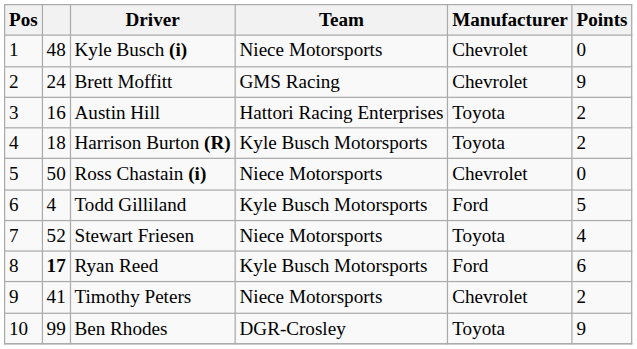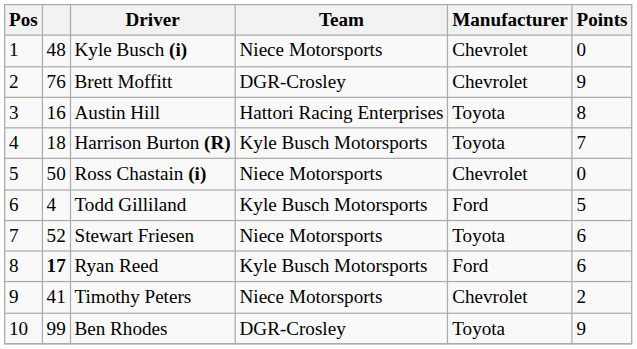 <table class="wikitable" style="font-size:98%">
 <tr>
 <th>Pos</th>
 <th></th>
 <th>Driver</th>
 <th>Team</th>
 <th>Manufacturer</th>
 <th>Points</th>
 </tr>
 <tr>
 <td>1</td>
 <td>48</td>
 <td>Kyle Busch <strong>(i)</strong></td>
 <td>Niece Motorsports</td>
 <td>Chevrolet</td>
 <td>0</td>
 </tr>
 <tr>
 <td>2</td>
-<td>24</td>
+<td>76</td>
 <td>Brett Moffitt</td>
-<td>GMS Racing</td>
+<td>DGR-Crosley</td>
 <td>Chevrolet</td>
 <td>9</td>
 </tr>
 <tr>
 <td>3</td>
 <td>16</td>
 <td>Austin Hill</td>
 <td>Hattori Racing Enterprises</td>
 <td>Toyota</td>
-<td>2</td>
+<td>8</td>
 </tr>
 <tr>
 <td>4</td>
 <td>18</td>
 <td>Harrison Burton <strong>(R)</strong></td>
 <td>Kyle Busch Motorsports</td>
 <td>Toyota</td>
-<td>2</td>
+<td>7</td>
 </tr>
 <tr>
 <td>5</td>
 <td>50</td>
 <td>Ross Chastain <strong>(i)</strong></td>
 <td>Niece Motorsports</td>
 <td>Chevrolet</td>
 <td>0</td>
 </tr>
 <tr>
 <td>6</td>
 <td>4</td>
 <td>Todd Gilliland</td>
 <td>Kyle Busch Motorsports</td>
 <td>Ford</td>
 <td>5</td>
 </tr>
 <tr>
 <td>7</td>
 <td>52</td>
 <td>Stewart Friesen</td>
 <td>Niece Motorsports</td>
 <td>Toyota</td>
-<td>4</td>
+<td>6</td>
 </tr>
 <tr>
 <td>8</td>
 <td><strong>17</strong></td>
 <td>Ryan Reed</td>
 <td>Kyle Busch Motorsports</td>
 <td>Ford</td>
 <td>6</td>
 </tr>
 <tr>
 <td>9</td>
 <td>41</td>
 <td>Timothy Peters</td>
 <td>Niece Motorsports</td>
 <td>Chevrolet</td>
 <td>2</td>
 </tr>
 <tr>
 <td>10</td>
 <td>99</td>
 <td>Ben Rhodes</td>
 <td>DGR-Crosley</td>
 <td>Toyota</td>
 <td>9</td>
 </tr>
 <tr>
 </tr>
 </table>
